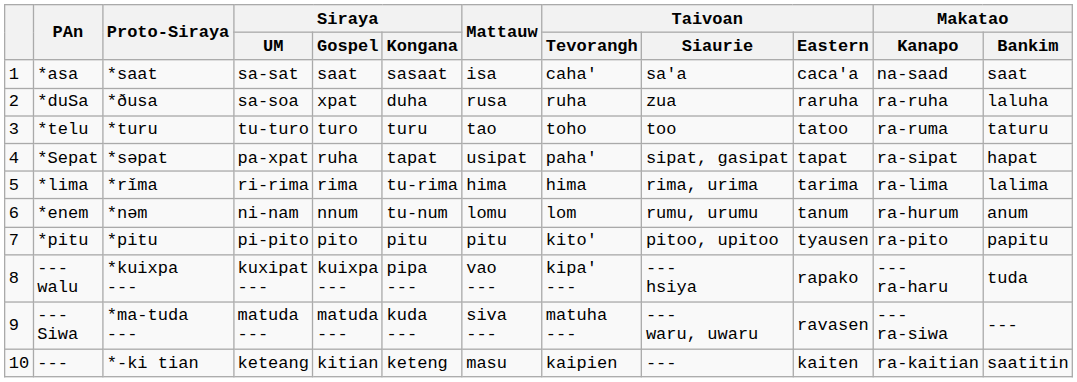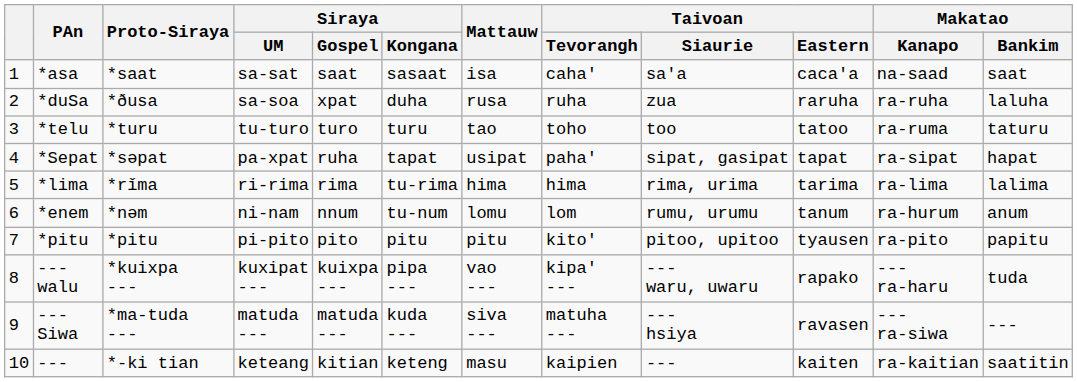 <table class="wikitable">
 <tr>
 <th rowspan="2"></th>
 <th rowspan="2">PAn</th>
 <th rowspan="2">Proto-Siraya</th>
 <th colspan="3">Siraya</th>
 <th rowspan="2">Mattauw</th>
 <th colspan="3">Taivoan</th>
 <th colspan="2">Makatao</th>
 </tr>
 <tr>
 <th>UM<br></th>
 <th>Gospel<br></th>
 <th>Kongana<br></th>
 <th>Tevorangh<br></th>
 <th>Siaurie<br></th>
 <th>Eastern<br></th>
 <th>Kanapo<br></th>
 <th>Bankim<br></th>
 </tr>
 <tr>
 <td>1</td>
 <td>*asa</td>
 <td>*saat</td>
 <td>sa-sat</td>
 <td>saat</td>
 <td>sasaat</td>
 <td>isa</td>
 <td>caha'</td>
 <td>sa'a</td>
 <td>caca'a</td>
 <td>na-saad</td>
 <td>saat</td>
 </tr>
 <tr>
 <td>2</td>
 <td>*duSa</td>
 <td>*ðusa</td>
 <td>sa-soa</td>
 <td>xpat</td>
 <td>duha</td>
 <td>rusa</td>
 <td>ruha</td>
 <td>zua</td>
 <td>raruha</td>
 <td>ra-ruha</td>
 <td>laluha</td>
 </tr>
 <tr>
 <td>3</td>
 <td>*telu</td>
 <td>*turu</td>
 <td>tu-turo</td>
 <td>turo</td>
 <td>turu</td>
 <td>tao</td>
 <td>toho</td>
 <td>too</td>
 <td>tatoo</td>
 <td>ra-ruma</td>
 <td>taturu</td>
 </tr>
 <tr>
 <td>4</td>
 <td>*Sepat</td>
 <td>*səpat</td>
 <td>pa-xpat</td>
 <td>ruha</td>
 <td>tapat</td>
 <td>usipat</td>
 <td>paha'</td>
 <td>sipat, gasipat</td>
 <td>tapat</td>
 <td>ra-sipat</td>
 <td>hapat</td>
 </tr>
 <tr>
 <td>5</td>
 <td>*lima</td>
 <td>*rǐma</td>
 <td>ri-rima</td>
 <td>rima</td>
 <td>tu-rima</td>
 <td>hima</td>
 <td>hima</td>
 <td>rima, urima</td>
 <td>tarima</td>
 <td>ra-lima</td>
 <td>lalima</td>
 </tr>
 <tr>
 <td>6</td>
 <td>*enem</td>
 <td>*nəm</td>
 <td>ni-nam</td>
 <td>nnum</td>
 <td>tu-num</td>
 <td>lomu</td>
 <td>lom</td>
 <td>rumu, urumu</td>
 <td>tanum</td>
 <td>ra-hurum</td>
 <td>anum</td>
 </tr>
 <tr>
 <td>7</td>
 <td>*pitu</td>
 <td>*pitu</td>
 <td>pi-pito</td>
 <td>pito</td>
 <td>pitu</td>
 <td>pitu</td>
 <td>kito'</td>
 <td>pitoo, upitoo</td>
 <td>tyausen</td>
 <td>ra-pito</td>
 <td>papitu</td>
 </tr>
 <tr>
 <td>8</td>
 <td>---<br>walu</td>
 <td>*kuixpa<br>---</td>
 <td>kuxipat<br>---</td>
 <td>kuixpa<br>---</td>
 <td>pipa<br>---</td>
 <td>vao<br>---</td>
 <td>kipa'<br>---</td>
-<td>---<br>hsiya</td>
+<td>---<br>waru, uwaru</td>
 <td>rapako</td>
 <td>---<br>ra-haru</td>
 <td>tuda</td>
 </tr>
 <tr>
 <td>9</td>
 <td>---<br>Siwa</td>
 <td>*ma-tuda<br>---</td>
 <td>matuda<br>---</td>
 <td>matuda<br>---</td>
 <td>kuda<br>---</td>
 <td>siva<br>---</td>
 <td>matuha<br>---</td>
-<td>---<br>waru, uwaru</td>
+<td>---<br>hsiya</td>
 <td>ravasen</td>
 <td>---<br>ra-siwa</td>
 <td>---</td>
 </tr>
 <tr>
 <td>10</td>
 <td>---</td>
 <td>*-ki tian</td>
 <td>keteang</td>
 <td>kitian</td>
 <td>keteng</td>
 <td>masu</td>
 <td>kaipien</td>
 <td>---</td>
 <td>kaiten</td>
 <td>ra-kaitian</td>
 <td>saatitin</td>
 </tr>
 </table>
